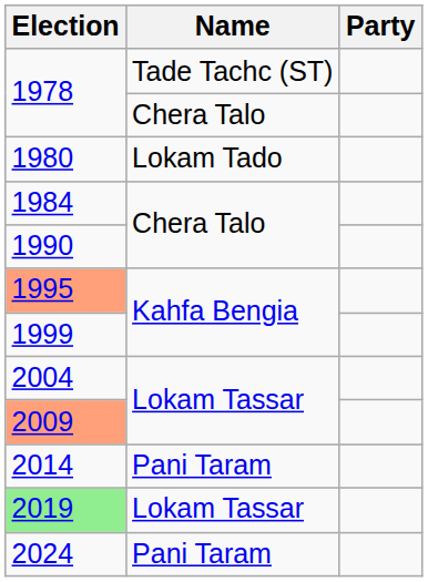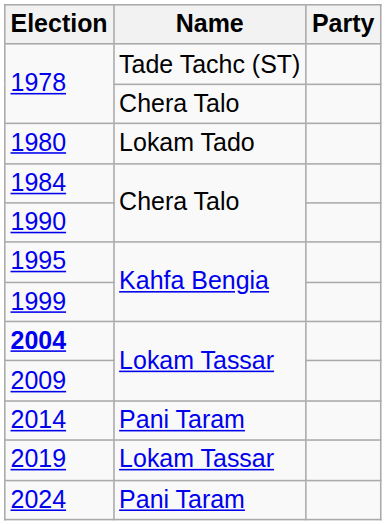 <table class="wikitable sortable">
 <tr>
 <th>Election</th>
 <th>Name</th>
 <th colspan=2>Party</th>
 </tr>
 <tr>
 <td rowspan=2><a href='#'>1978</a></td>
 <td>Tade Tachc (ST)</td>
 <td></td>
 </tr>
 <tr>
 <td>Chera Talo</td>
 <td></td>
 </tr>
 <tr>
 <td><a href='#'>1980</a></td>
 <td>Lokam Tado</td>
 <td></td>
 </tr>
 <tr>
 <td><a href='#'>1984</a></td>
 <td rowspan=2>Chera Talo</td>
 <td></td>
 </tr>
 <tr>
 <td><a href='#'>1990</a></td>
 </tr>
 <tr>
-<td style="background: lightsalmon;"><a href='#'>1995</a></td>
+<td><a href='#'>1995</a></td>
 <td rowspan=2><a href='#'>Kahfa Bengia</a></td>
 <td></td>
 </tr>
 <tr>
 <td><a href='#'>1999</a></td>
 <td></td>
 </tr>
 <tr>
-<td><a href='#'>2004</a></td>
+<td><strong><a href='#'>2004</a></strong></td>
 <td rowspan=2><a href='#'>Lokam Tassar</a></td>
 <td></td>
 </tr>
 <tr>
-<td style="background: lightsalmon;"><a href='#'>2009</a></td>
+<td><a href='#'>2009</a></td>
 <td></td>
 </tr>
 <tr>
 <td><a href='#'>2014</a></td>
 <td><a href='#'>Pani Taram</a></td>
 <td></td>
 </tr>
 <tr>
-<td style="background: lightgreen;"><a href='#'>2019</a></td>
+<td><a href='#'>2019</a></td>
 <td><a href='#'>Lokam Tassar</a></td>
 <td></td>
 </tr>
 <tr>
 <td><a href='#'>2024</a></td>
 <td><a href='#'>Pani Taram</a></td>
 </tr>
 </table>
